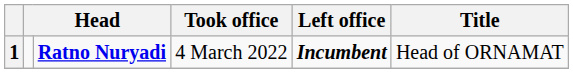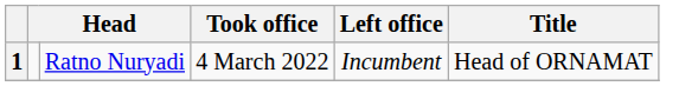 <table class="wikitable sortable">
 <tr>
 <th></th>
 <th colspan="2">Head</th>
 <th>Took office</th>
 <th>Left office</th>
 <th>Title</th>
 </tr>
 <tr>
 <th>1</th>
 <td></td>
-<td><strong><a href='#'>Ratno Nuryadi</a></strong></td>
+<td><a href='#'>Ratno Nuryadi</a></td>
 <td align="center">4 March 2022</td>
-<td align="center"><strong><em>Incumbent</em></strong></td>
+<td align="center"><em>Incumbent</em></td>
 <td align="center">Head of ORNAMAT</td>
 </tr>
 <tr>
 </tr>
 </table>
